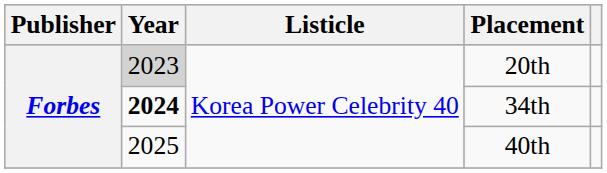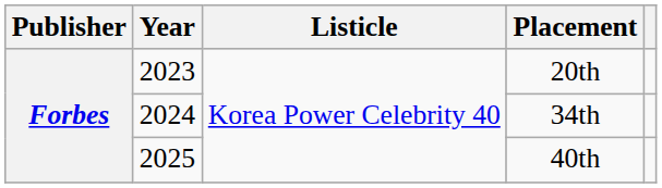 <table class="wikitable plainrowheaders" style="text-align:center">
 <tr>
 <th scope="col">Publisher</th>
 <th scope="col">Year</th>
 <th scope="col">Listicle</th>
 <th scope="col">Placement</th>
 <th scope="col" class="unsortable"></th>
 </tr>
 <tr>
 <th scope="row" rowspan="3"><em><a href='#'>Forbes</a></em></th>
-<td style="background: lightgrey;">2023</td>
+<td>2023</td>
 <td rowspan="3" style="text-align:left"><a href='#'>Korea Power Celebrity 40</a></td>
 <td>20th</td>
 <td></td>
 </tr>
 <tr>
-<td><strong>2024</strong></td>
+<td>2024</td>
 <td>34th</td>
 <td></td>
 </tr>
 <tr>
 <td>2025</td>
 <td>40th</td>
 <td></td>
 </tr>
 </table>
